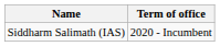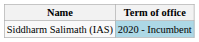 <table class="wikitable">
 <tr>
 <th>Name</th>
 <th>Term of office</th>
 </tr>
 <tr>
 <td>Siddharm Salimath (IAS)</td>
-<td>2020 - Incumbent</td>
+<td style="background: lightblue;">2020 - Incumbent</td>
 </tr>
 </table>
